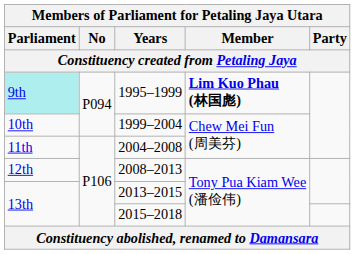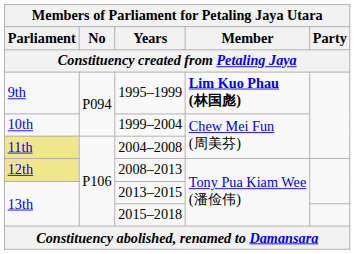 <table class=wikitable>
 <tr>
 <th colspan="5">Members of Parliament for Petaling Jaya Utara</th>
 </tr>
 <tr>
 <th>Parliament</th>
 <th>No</th>
 <th>Years</th>
 <th>Member</th>
 <th>Party</th>
 </tr>
 <tr>
 <th colspan="5" align="center"><em>Constituency created from <a href='#'>Petaling Jaya</a></em></th>
 </tr>
 <tr>
-<td style="background: paleturquoise;"><a href='#'>9th</a></td>
+<td><a href='#'>9th</a></td>
 <td rowspan="2">P094</td>
 <td>1995–1999</td>
 <td><strong><a href='#'>Lim Kuo Phau</a> <br> (林国彪)</strong></td>
 <td rowspan="3"></td>
 </tr>
 <tr>
 <td><a href='#'>10th</a></td>
 <td>1999–2004</td>
 <td rowspan=2><a href='#'>Chew Mei Fun</a>  <br>(周美芬)</td>
 </tr>
 <tr>
-<td><a href='#'>11th</a></td>
+<td style="background: khaki;"><a href='#'>11th</a></td>
 <td rowspan=4>P106</td>
 <td>2004–2008</td>
 </tr>
 <tr>
-<td><a href='#'>12th</a></td>
+<td style="background: khaki;"><a href='#'>12th</a></td>
 <td>2008–2013</td>
 <td rowspan=3><a href='#'>Tony Pua Kiam Wee</a> <br> (潘俭伟)</td>
 <td rowspan="2"></td>
 </tr>
 <tr>
 <td rowspan=2><a href='#'>13th</a></td>
 <td>2013–2015</td>
 </tr>
 <tr>
 <td>2015–2018</td>
 <td></td>
 </tr>
 <tr>
 <th colspan="5" align="center"><em>Constituency abolished, renamed to <a href='#'>Damansara</a></em></th>
 </tr>
 </table>
